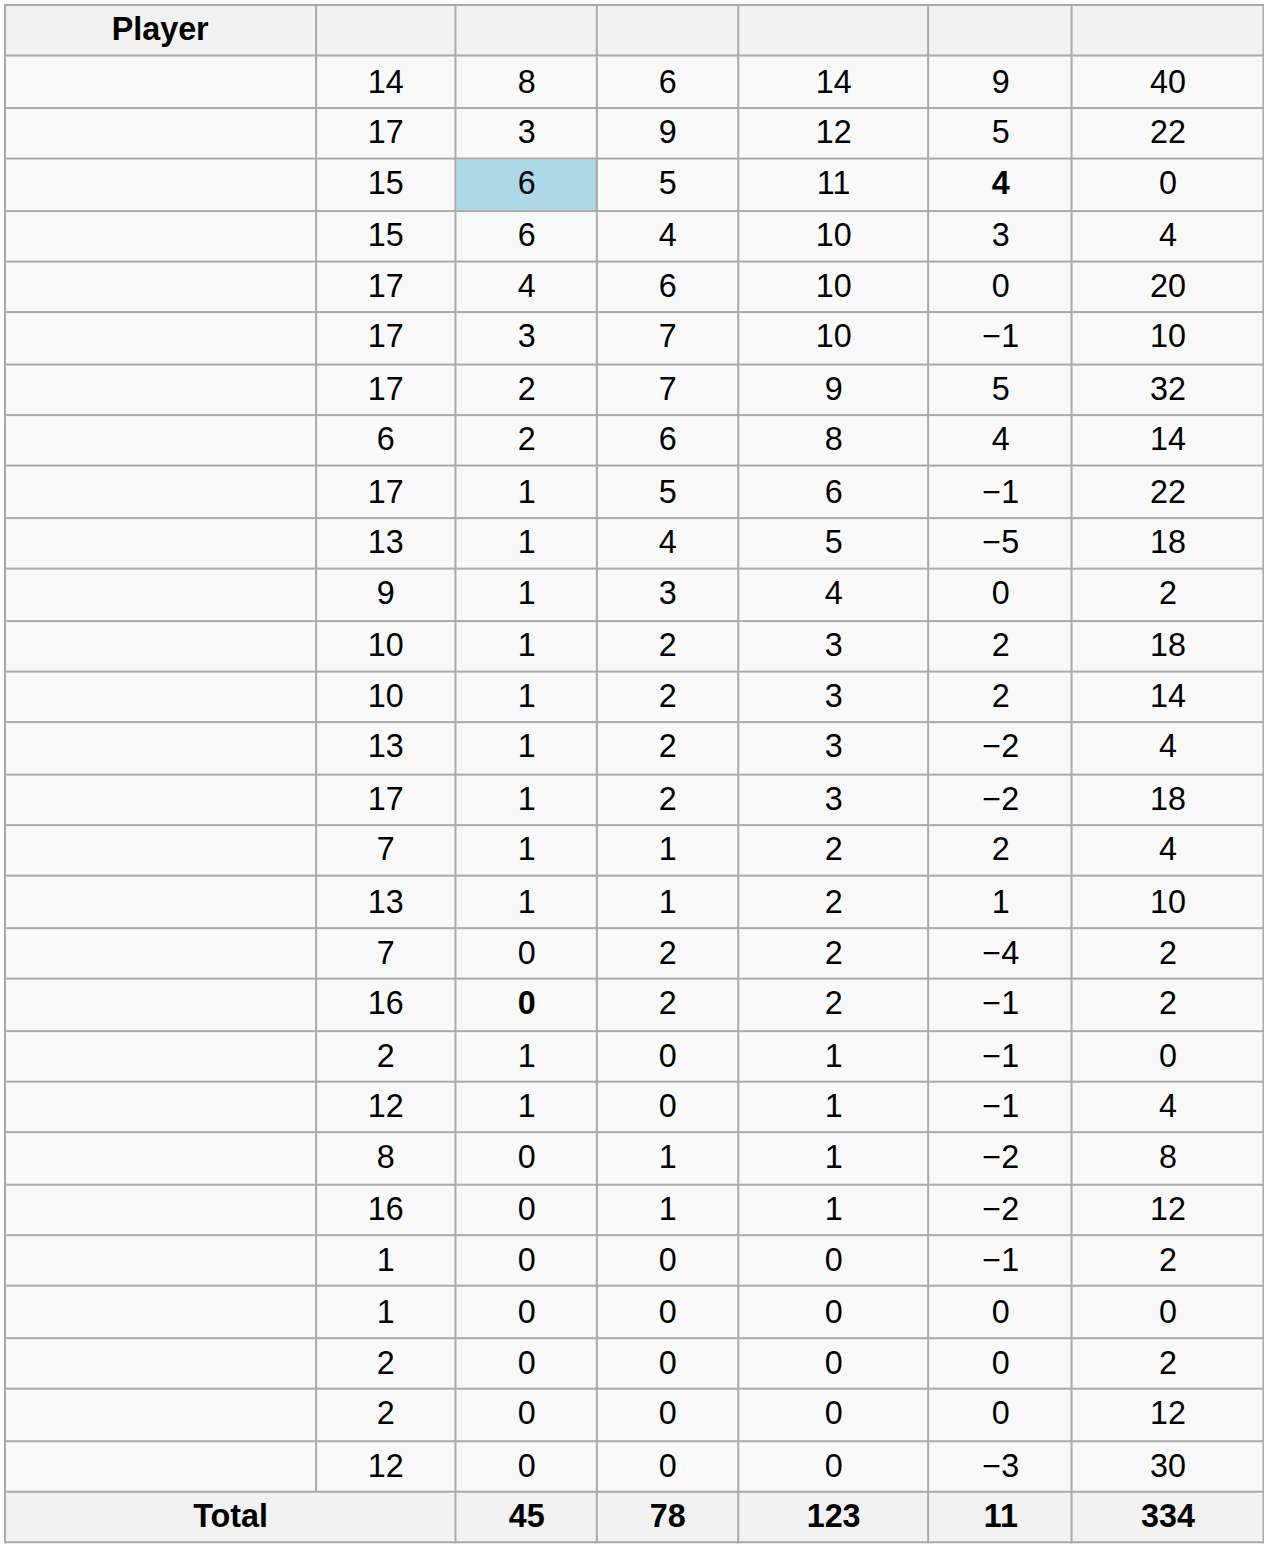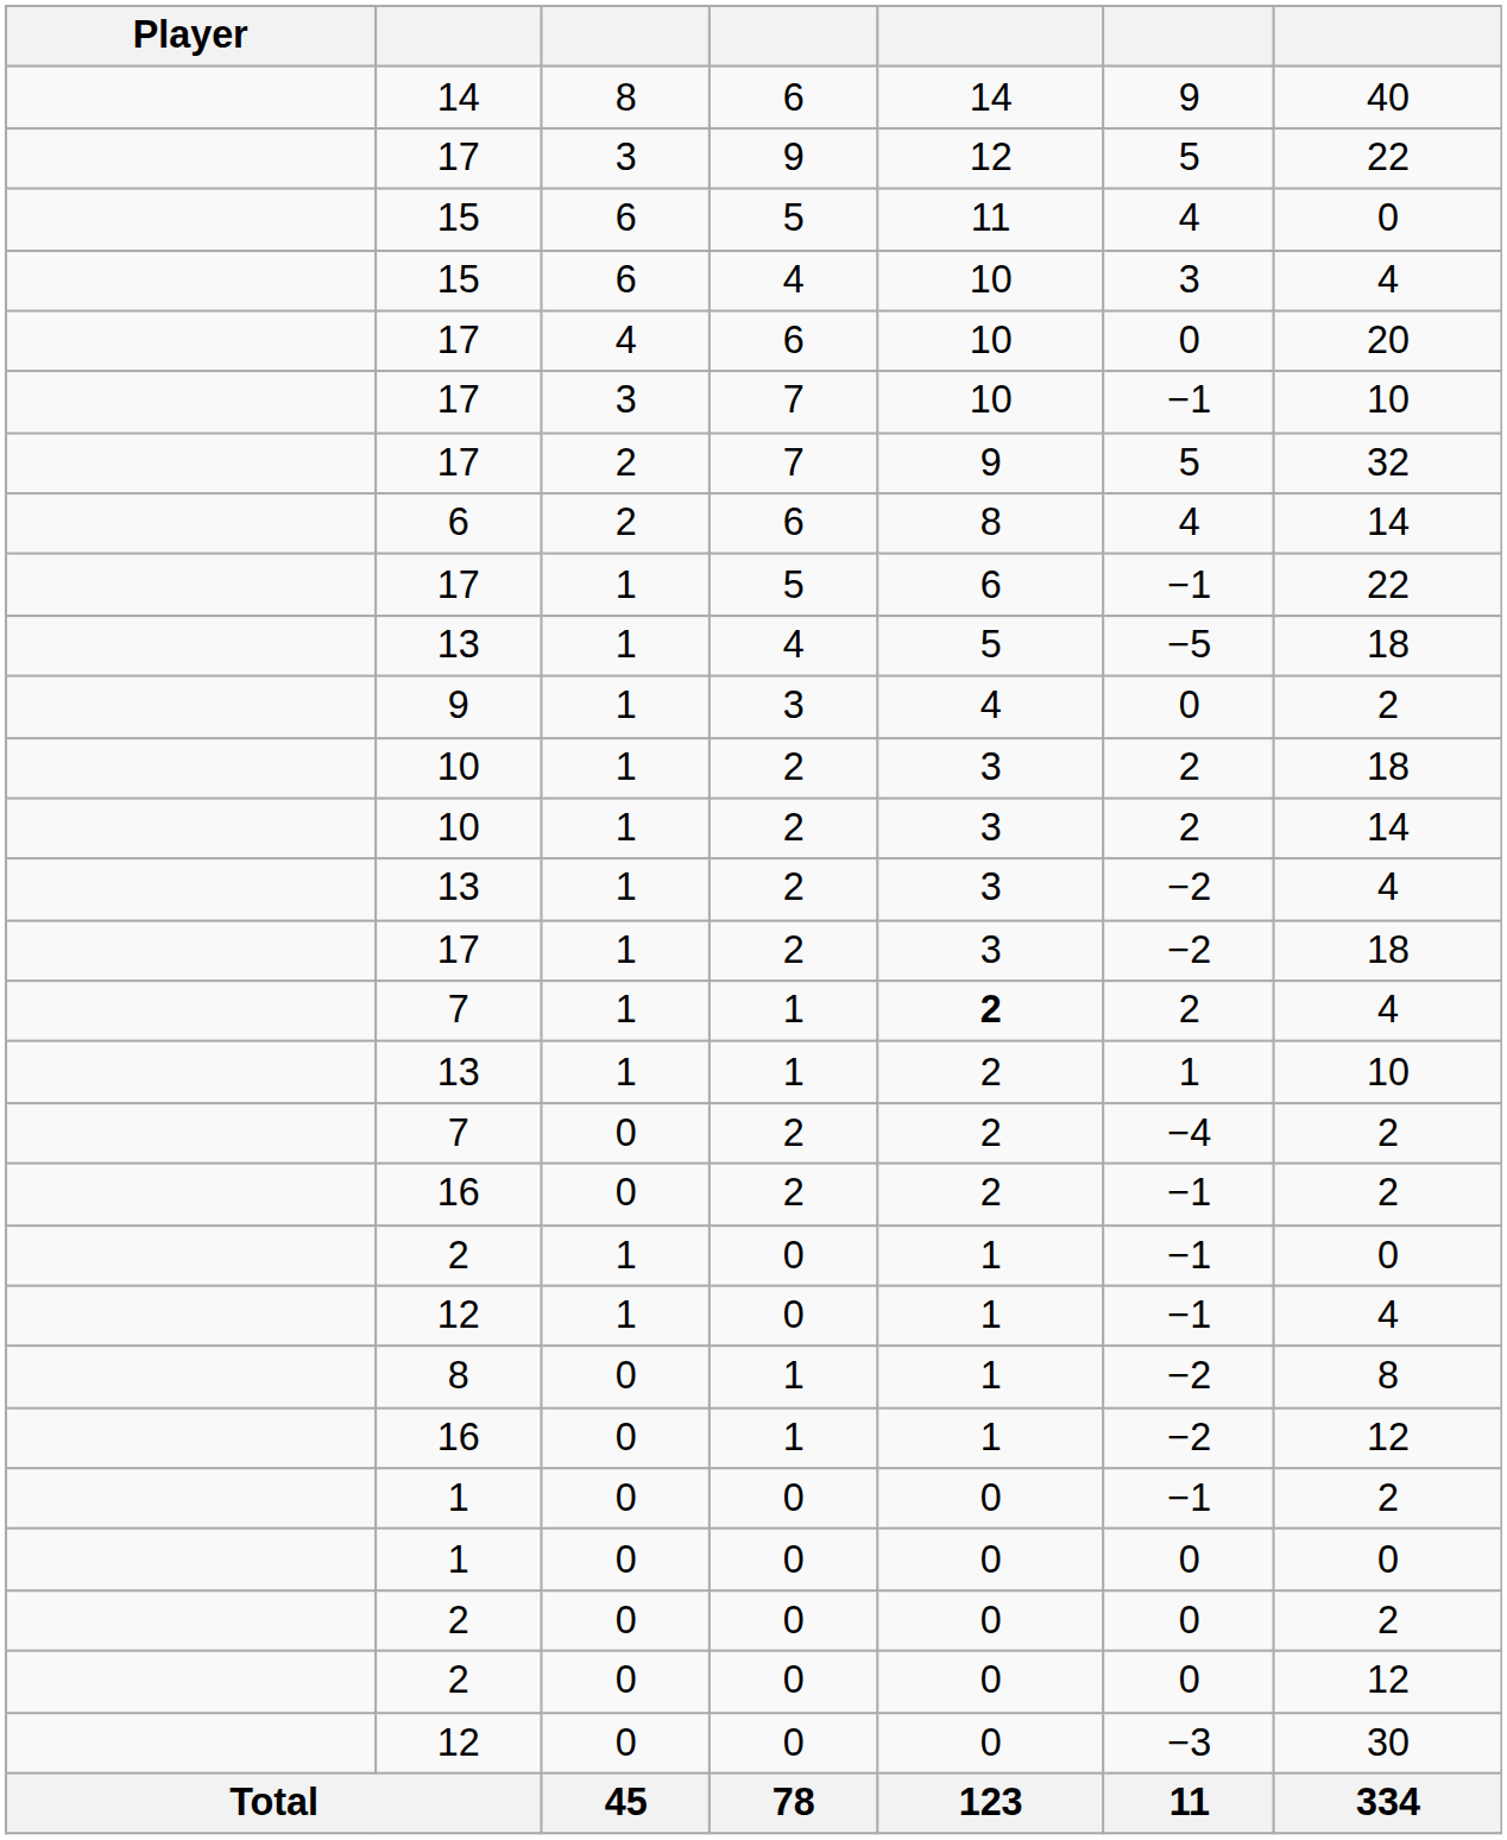 <table class="wikitable sortable" style="width:100%; text-align:center;">
 <tr align=center>
 <th>Player</th>
 <th></th>
 <th></th>
 <th></th>
 <th></th>
 <th data-sort-type="number"></th>
 <th></th>
 </tr>
 <tr>
 <td></td>
 <td>14</td>
 <td>8</td>
 <td>6</td>
 <td>14</td>
 <td>9</td>
 <td>40</td>
 </tr>
 <tr>
 <td></td>
 <td>17</td>
 <td>3</td>
 <td>9</td>
 <td>12</td>
 <td>5</td>
 <td>22</td>
 </tr>
 <tr>
 <td></td>
 <td>15</td>
-<td style="background: lightblue;">6</td>
+<td>6</td>
 <td>5</td>
 <td>11</td>
-<td><strong>4</strong></td>
+<td>4</td>
 <td>0</td>
 </tr>
 <tr>
 <td></td>
 <td>15</td>
 <td>6</td>
 <td>4</td>
 <td>10</td>
 <td>3</td>
 <td>4</td>
 </tr>
 <tr>
 <td></td>
 <td>17</td>
 <td>4</td>
 <td>6</td>
 <td>10</td>
 <td>0</td>
 <td>20</td>
 </tr>
 <tr>
 <td></td>
 <td>17</td>
 <td>3</td>
 <td>7</td>
 <td>10</td>
 <td>−1</td>
 <td>10</td>
 </tr>
 <tr>
 <td></td>
 <td>17</td>
 <td>2</td>
 <td>7</td>
 <td>9</td>
 <td>5</td>
 <td>32</td>
 </tr>
 <tr>
 <td></td>
 <td>6</td>
 <td>2</td>
 <td>6</td>
 <td>8</td>
 <td>4</td>
 <td>14</td>
 </tr>
 <tr>
 <td></td>
 <td>17</td>
 <td>1</td>
 <td>5</td>
 <td>6</td>
 <td>−1</td>
 <td>22</td>
 </tr>
 <tr>
 <td></td>
 <td>13</td>
 <td>1</td>
 <td>4</td>
 <td>5</td>
 <td>−5</td>
 <td>18</td>
 </tr>
 <tr>
 <td></td>
 <td>9</td>
 <td>1</td>
 <td>3</td>
 <td>4</td>
 <td>0</td>
 <td>2</td>
 </tr>
 <tr>
 <td></td>
 <td>10</td>
 <td>1</td>
 <td>2</td>
 <td>3</td>
 <td>2</td>
 <td>18</td>
 </tr>
 <tr>
 <td></td>
 <td>10</td>
 <td>1</td>
 <td>2</td>
 <td>3</td>
 <td>2</td>
 <td>14</td>
 </tr>
 <tr>
 <td></td>
 <td>13</td>
 <td>1</td>
 <td>2</td>
 <td>3</td>
 <td>−2</td>
 <td>4</td>
 </tr>
 <tr>
 <td></td>
 <td>17</td>
 <td>1</td>
 <td>2</td>
 <td>3</td>
 <td>−2</td>
 <td>18</td>
 </tr>
 <tr>
 <td></td>
 <td>7</td>
 <td>1</td>
 <td>1</td>
-<td>2</td>
+<td><strong>2</strong></td>
 <td>2</td>
 <td>4</td>
 </tr>
 <tr>
 <td></td>
 <td>13</td>
 <td>1</td>
 <td>1</td>
 <td>2</td>
 <td>1</td>
 <td>10</td>
 </tr>
 <tr>
 <td></td>
 <td>7</td>
 <td>0</td>
 <td>2</td>
 <td>2</td>
 <td>−4</td>
 <td>2</td>
 </tr>
 <tr>
 <td></td>
 <td>16</td>
-<td><strong>0</strong></td>
+<td>0</td>
 <td>2</td>
 <td>2</td>
 <td>−1</td>
 <td>2</td>
 </tr>
 <tr>
 <td></td>
 <td>2</td>
 <td>1</td>
 <td>0</td>
 <td>1</td>
 <td>−1</td>
 <td>0</td>
 </tr>
 <tr>
 <td></td>
 <td>12</td>
 <td>1</td>
 <td>0</td>
 <td>1</td>
 <td>−1</td>
 <td>4</td>
 </tr>
 <tr>
 <td></td>
 <td>8</td>
 <td>0</td>
 <td>1</td>
 <td>1</td>
 <td>−2</td>
 <td>8</td>
 </tr>
 <tr>
 <td></td>
 <td>16</td>
 <td>0</td>
 <td>1</td>
 <td>1</td>
 <td>−2</td>
 <td>12</td>
 </tr>
 <tr>
 <td></td>
 <td>1</td>
 <td>0</td>
 <td>0</td>
 <td>0</td>
 <td>−1</td>
 <td>2</td>
 </tr>
 <tr>
 <td></td>
 <td>1</td>
 <td>0</td>
 <td>0</td>
 <td>0</td>
 <td>0</td>
 <td>0</td>
 </tr>
 <tr>
 <td></td>
 <td>2</td>
 <td>0</td>
 <td>0</td>
 <td>0</td>
 <td>0</td>
 <td>2</td>
 </tr>
 <tr>
 <td></td>
 <td>2</td>
 <td>0</td>
 <td>0</td>
 <td>0</td>
 <td>0</td>
 <td>12</td>
 </tr>
 <tr>
 <td></td>
 <td>12</td>
 <td>0</td>
 <td>0</td>
 <td>0</td>
 <td>−3</td>
 <td>30</td>
 </tr>
 <tr class="unsortable">
 <th colspan=2>Total</th>
 <th>45</th>
 <th>78</th>
 <th>123</th>
 <th>11</th>
 <th>334</th>
 </tr>
 </table>
